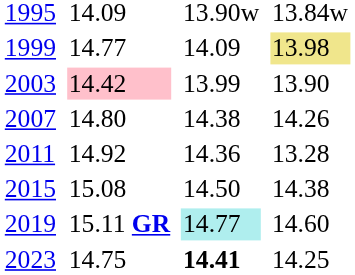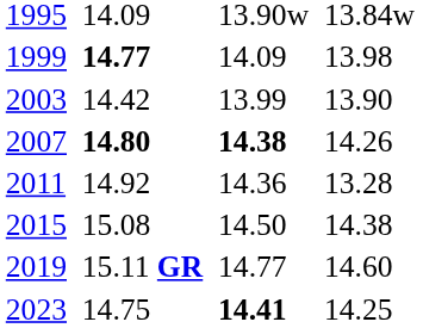 <table>
 <tr valign="top">
 <td><a href='#'>1995</a><br></td>
 <td></td>
 <td>14.09</td>
 <td></td>
 <td>13.90w</td>
 <td></td>
 <td>13.84w</td>
 </tr>
 <tr valign="top">
 <td><a href='#'>1999</a><br></td>
 <td></td>
-<td>14.77</td>
+<td><strong>14.77</strong></td>
 <td></td>
 <td>14.09</td>
 <td></td>
-<td style="background: khaki;">13.98</td>
+<td>13.98</td>
 </tr>
 <tr valign="top">
 <td><a href='#'>2003</a><br></td>
 <td></td>
-<td style="background: pink;">14.42</td>
+<td>14.42</td>
 <td></td>
 <td>13.99</td>
 <td></td>
 <td>13.90</td>
 </tr>
 <tr valign="top">
 <td><a href='#'>2007</a><br></td>
 <td></td>
-<td>14.80</td>
+<td><strong>14.80</strong></td>
 <td></td>
-<td>14.38</td>
+<td><strong>14.38</strong></td>
 <td></td>
 <td>14.26</td>
 </tr>
 <tr valign="top">
 <td><a href='#'>2011</a><br></td>
 <td></td>
 <td>14.92</td>
 <td></td>
 <td>14.36</td>
 <td></td>
 <td>13.28</td>
 </tr>
 <tr valign="top">
 <td><a href='#'>2015</a><br></td>
 <td></td>
 <td>15.08</td>
 <td></td>
 <td>14.50</td>
 <td></td>
 <td>14.38</td>
 </tr>
 <tr valign="top">
 <td><a href='#'>2019</a><br></td>
 <td></td>
 <td>15.11 <strong><a href='#'>GR</a></strong></td>
 <td></td>
-<td style="background: paleturquoise;">14.77 </td>
+<td>14.77 </td>
 <td></td>
 <td>14.60</td>
 </tr>
 <tr valign="top">
 <td><a href='#'>2023</a><br></td>
 <td></td>
 <td>14.75</td>
 <td></td>
 <td><strong>14.41</strong></td>
 <td></td>
 <td>14.25</td>
 </tr>
 </table>
